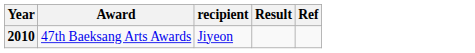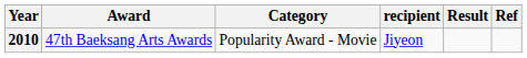 <table class="wikitable plainrowheaders">
 <tr>
 <th>Year</th>
 <th>Award</th>
+<th>Category</th>
 <th>recipient</th>
 <th>Result</th>
 <th>Ref</th>
 </tr>
 <tr>
 <th scope="row" style="text-align:center;">2010</th>
 <td><a href='#'>47th Baeksang Arts Awards</a></td>
+<td>Popularity Award - Movie</td>
 <td><a href='#'>Jiyeon</a></td>
 <td></td>
 <td></td>
 </tr>
 </table>
